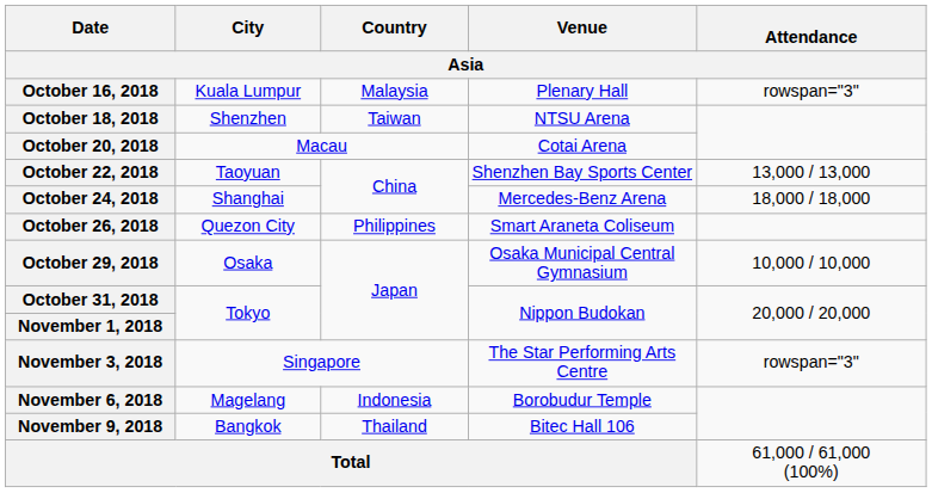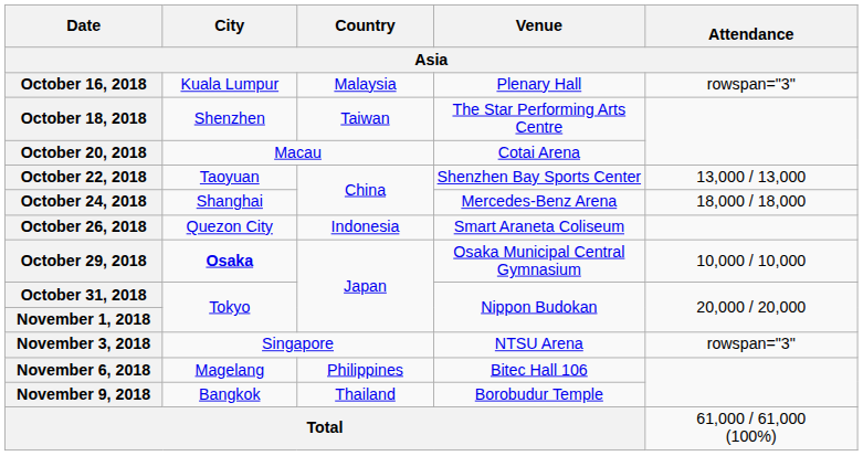 <table class="wikitable plainrowheaders" style="text-align:center;">
 <tr>
 <th scope="col" style="width:12em;">Date</th>
 <th scope="col" style="width:10em;">City</th>
 <th scope="col" style="width:10em;">Country</th>
 <th scope="col" style="width:17em;">Venue</th>
 <th scope="col" style="width:17em;"><br>Attendance</th>
 </tr>
 <tr>
 <th colspan="5">Asia</th>
 </tr>
 <tr>
 <th scope="row" style="text-align:center;">October 16, 2018</th>
 <td><a href='#'>Kuala Lumpur</a></td>
 <td><a href='#'>Malaysia</a></td>
 <td><a href='#'>Plenary Hall</a></td>
 <td>rowspan="3" </td>
 </tr>
 <tr>
 <th scope="row" style="text-align:center;">October 18, 2018</th>
 <td><a href='#'>Shenzhen</a></td>
 <td><a href='#'>Taiwan</a></td>
-<td><a href='#'>NTSU Arena</a></td>
+<td><a href='#'>The Star Performing Arts Centre</a></td>
 </tr>
 <tr>
 <th scope="row" style="text-align:center;">October 20, 2018</th>
 <td colspan="2"><a href='#'>Macau</a></td>
 <td><a href='#'>Cotai Arena</a></td>
 </tr>
 <tr>
 <th scope="row" style="text-align:center;">October 22, 2018</th>
 <td><a href='#'>Taoyuan</a></td>
 <td rowspan="2"><a href='#'>China</a></td>
 <td><a href='#'>Shenzhen Bay Sports Center</a></td>
 <td>13,000 / 13,000</td>
 </tr>
 <tr>
 <th scope="row" style="text-align:center;">October 24, 2018</th>
 <td><a href='#'>Shanghai</a></td>
 <td><a href='#'>Mercedes-Benz Arena</a></td>
 <td>18,000 / 18,000</td>
 </tr>
 <tr>
 <th scope="row" style="text-align:center;">October 26, 2018</th>
 <td><a href='#'>Quezon City</a></td>
-<td><a href='#'>Philippines</a></td>
+<td rowspan="1"><a href='#'>Indonesia</a></td>
 <td><a href='#'>Smart Araneta Coliseum</a></td>
 <td></td>
 </tr>
 <tr>
 <th scope="row" style="text-align:center;">October 29, 2018</th>
-<td><a href='#'>Osaka</a></td>
+<td><strong><a href='#'>Osaka</a></strong></td>
 <td rowspan="3"><a href='#'>Japan</a></td>
 <td><a href='#'>Osaka Municipal Central Gymnasium</a></td>
 <td>10,000 / 10,000</td>
 </tr>
 <tr>
 <th scope="row" style="text-align:center;">October 31, 2018</th>
 <td rowspan="2"><a href='#'>Tokyo</a></td>
 <td rowspan="2"><a href='#'>Nippon Budokan</a></td>
 <td rowspan="2">20,000 / 20,000</td>
 </tr>
 <tr>
 <th scope="row" style="text-align:center;">November 1, 2018</th>
 </tr>
 <tr>
 <th scope="row" style="text-align:center;">November 3, 2018</th>
 <td colspan="2"><a href='#'>Singapore</a></td>
-<td><a href='#'>The Star Performing Arts Centre</a></td>
+<td><a href='#'>NTSU Arena</a></td>
 <td>rowspan="3" </td>
 </tr>
 <tr>
 <th scope="row" style="text-align:center;">November 6, 2018</th>
 <td><a href='#'>Magelang</a></td>
-<td rowspan="1"><a href='#'>Indonesia</a></td>
-<td><a href='#'>Borobudur Temple</a></td>
+<td><a href='#'>Philippines</a></td>
+<td><a href='#'>Bitec Hall 106</a></td>
 </tr>
 <tr>
 <th scope="row" style="text-align:center;">November 9, 2018</th>
 <td><a href='#'>Bangkok</a></td>
 <td rowspan="1"><a href='#'>Thailand</a></td>
-<td><a href='#'>Bitec Hall 106</a></td>
+<td><a href='#'>Borobudur Temple</a></td>
 </tr>
 <tr>
 <th colspan="4">Total</th>
 <td>61,000 / 61,000<br>(100%)</td>
 </tr>
 </table>
